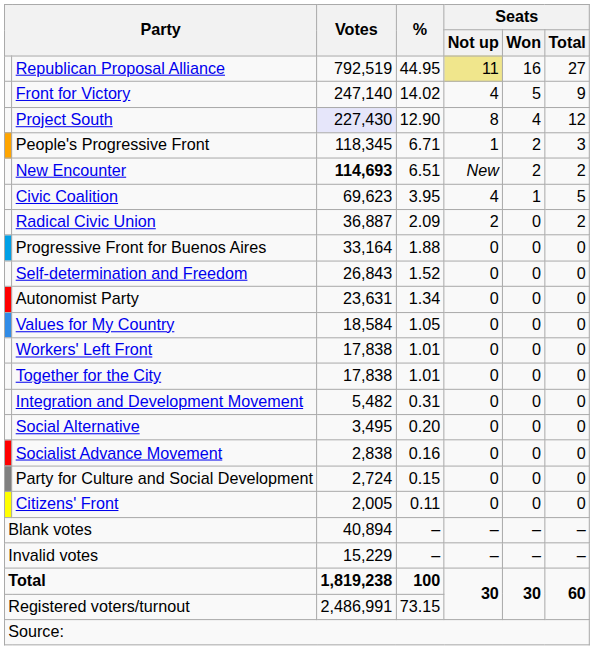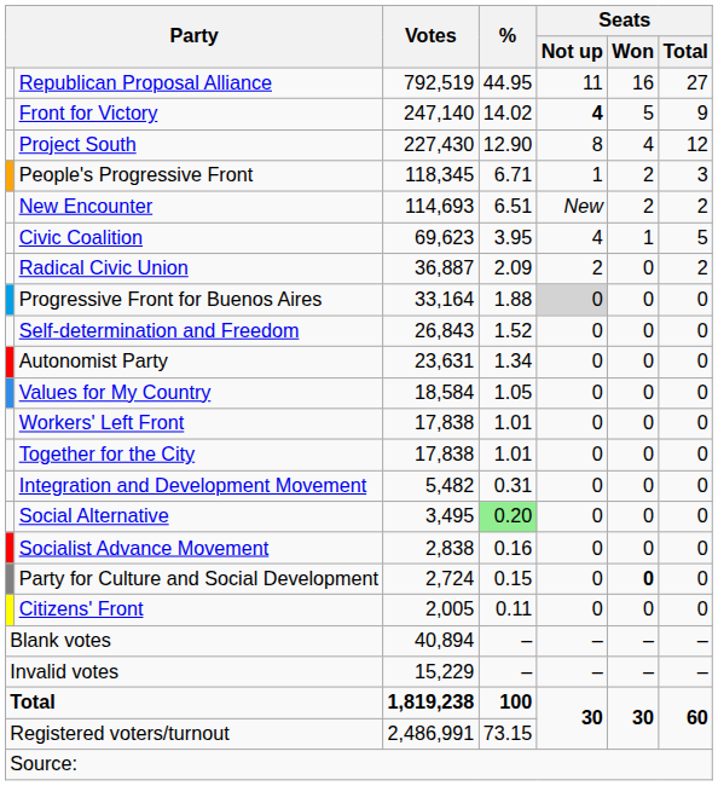 <table class="wikitable" style="text-align:right">
 <tr>
 <th colspan="2" rowspan="2">Party</th>
 <th rowspan="2">Votes</th>
 <th rowspan="2">%</th>
 <th colspan="3">Seats</th>
 </tr>
 <tr>
 <th>Not up</th>
 <th>Won</th>
 <th>Total</th>
 </tr>
 <tr>
 <td bgcolor=></td>
 <td align="left"><a href='#'>Republican Proposal Alliance</a></td>
 <td>792,519</td>
 <td>44.95</td>
-<td style="background: khaki;">11</td>
+<td>11</td>
 <td>16</td>
 <td>27</td>
 </tr>
 <tr>
 <td bgcolor=></td>
 <td align="left"><a href='#'>Front for Victory</a></td>
 <td>247,140</td>
 <td>14.02</td>
-<td>4</td>
+<td><strong>4</strong></td>
 <td>5</td>
 <td>9</td>
 </tr>
 <tr>
 <td bgcolor=></td>
 <td align="left"><a href='#'>Project South</a></td>
-<td style="background: lavender;">227,430</td>
+<td>227,430</td>
 <td>12.90</td>
 <td>8</td>
 <td>4</td>
 <td>12</td>
 </tr>
 <tr>
 <td bgcolor="orange"></td>
 <td align="left">People's Progressive Front</td>
 <td>118,345</td>
 <td>6.71</td>
 <td>1</td>
 <td>2</td>
 <td>3</td>
 </tr>
 <tr>
 <td></td>
 <td align="left"><a href='#'>New Encounter</a></td>
-<td><strong>114,693</strong></td>
+<td>114,693</td>
 <td>6.51</td>
 <td><em>New</em></td>
 <td>2</td>
 <td>2</td>
 </tr>
 <tr>
 <td></td>
 <td align="left"><a href='#'>Civic Coalition</a></td>
 <td>69,623</td>
 <td>3.95</td>
 <td>4</td>
 <td>1</td>
 <td>5</td>
 </tr>
 <tr>
 <td></td>
 <td align="left"><a href='#'>Radical Civic Union</a></td>
 <td>36,887</td>
 <td>2.09</td>
 <td>2</td>
 <td>0</td>
 <td>2</td>
 </tr>
 <tr>
 <td bgcolor="#00A0E6 "></td>
 <td align="left">Progressive Front for Buenos Aires</td>
 <td>33,164</td>
 <td>1.88</td>
-<td>0</td>
+<td style="background: lightgrey;">0</td>
 <td>0</td>
 <td>0</td>
 </tr>
 <tr>
 <td></td>
 <td align="left"><a href='#'>Self-determination and Freedom</a></td>
 <td>26,843</td>
 <td>1.52</td>
 <td>0</td>
 <td>0</td>
 <td>0</td>
 </tr>
 <tr>
 <td bgcolor="red"></td>
 <td align="left">Autonomist Party</td>
 <td>23,631</td>
 <td>1.34</td>
 <td>0</td>
 <td>0</td>
 <td>0</td>
 </tr>
 <tr>
 <td bgcolor="#318CE7"></td>
 <td align="left"><a href='#'>Values for My Country</a></td>
 <td>18,584</td>
 <td>1.05</td>
 <td>0</td>
 <td>0</td>
 <td>0</td>
 </tr>
 <tr>
 <td></td>
 <td align="left"><a href='#'>Workers' Left Front</a></td>
 <td>17,838</td>
 <td>1.01</td>
 <td>0</td>
 <td>0</td>
 <td>0</td>
 </tr>
 <tr>
 <td></td>
 <td align="left"><a href='#'>Together for the City</a></td>
 <td>17,838</td>
 <td>1.01</td>
 <td>0</td>
 <td>0</td>
 <td>0</td>
 </tr>
 <tr>
 <td></td>
 <td align="left"><a href='#'>Integration and Development Movement</a></td>
 <td>5,482</td>
 <td>0.31</td>
 <td>0</td>
 <td>0</td>
 <td>0</td>
 </tr>
 <tr>
 <td></td>
 <td align="left"><a href='#'>Social Alternative</a></td>
 <td>3,495</td>
-<td>0.20</td>
+<td style="background: lightgreen;">0.20</td>
 <td>0</td>
 <td>0</td>
 <td>0</td>
 </tr>
 <tr>
 <td bgcolor="red"></td>
 <td align="left"><a href='#'>Socialist Advance Movement</a></td>
 <td>2,838</td>
 <td>0.16</td>
 <td>0</td>
 <td>0</td>
 <td>0</td>
 </tr>
 <tr>
 <td bgcolor="grey"></td>
 <td align="left">Party for Culture and Social Development</td>
 <td>2,724</td>
 <td>0.15</td>
 <td>0</td>
-<td>0</td>
+<td><strong>0</strong></td>
 <td>0</td>
 </tr>
 <tr>
 <td bgcolor="yellow"></td>
 <td align="left"><a href='#'>Citizens' Front</a></td>
 <td>2,005</td>
 <td>0.11</td>
 <td>0</td>
 <td>0</td>
 <td>0</td>
 </tr>
 <tr>
 <td colspan="2" align="left">Blank votes</td>
 <td>40,894</td>
 <td>–</td>
 <td>–</td>
 <td>–</td>
 <td>–</td>
 </tr>
 <tr>
 <td colspan="2" align="left">Invalid votes</td>
 <td>15,229</td>
 <td>–</td>
 <td>–</td>
 <td>–</td>
 <td>–</td>
 </tr>
 <tr>
 <td colspan="2" align="left"><strong>Total</strong></td>
 <td><strong>1,819,238</strong></td>
 <td><strong>100</strong></td>
 <td rowspan="2"><strong>30</strong></td>
 <td rowspan="2"><strong>30</strong></td>
 <td rowspan="2"><strong>60</strong></td>
 </tr>
 <tr>
 <td colspan="2" align="left">Registered voters/turnout</td>
 <td>2,486,991</td>
 <td>73.15</td>
 </tr>
 <tr>
 <td colspan="7" align="left">Source: </td>
 </tr>
 </table>
